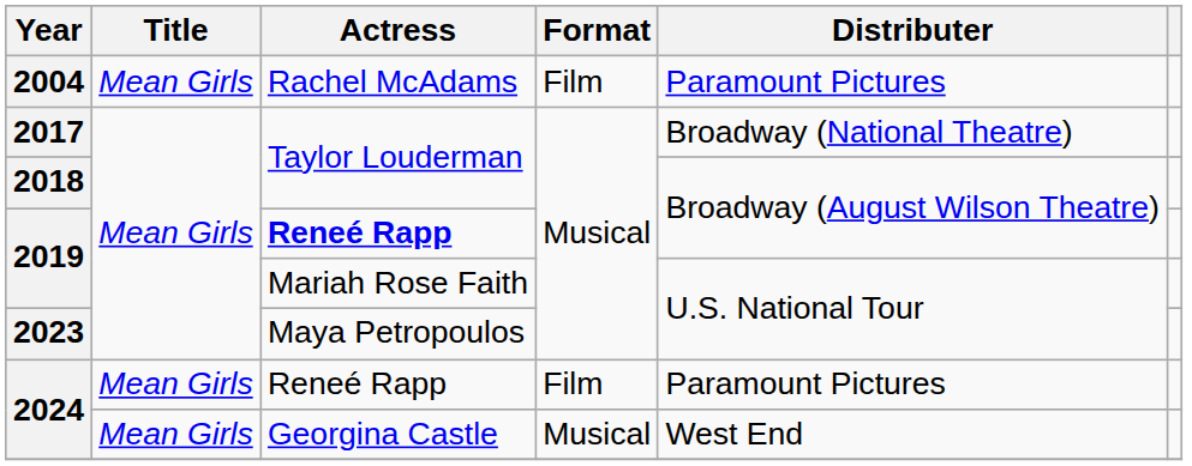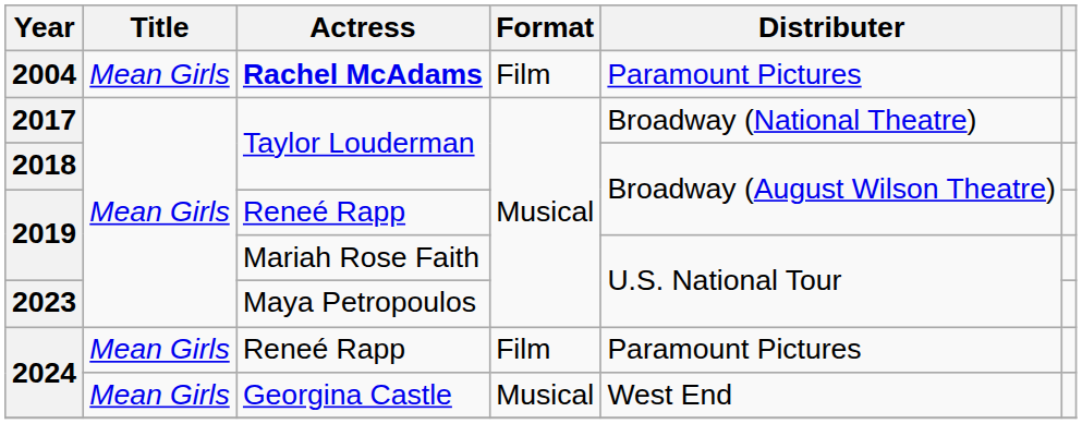 <table class="wikitable plainrowheaders sortable"  style=font-size:100%>
 <tr>
 <th scope=col>Year</th>
 <th scope=col>Title</th>
 <th scope=col>Actress</th>
 <th scope=col>Format</th>
 <th scope=col>Distributer</th>
 <th scope="col" class="unsortable"></th>
 </tr>
 <tr>
 <th scope="row">2004</th>
 <td><em><a href='#'>Mean Girls</a></em></td>
-<td><a href='#'>Rachel McAdams</a></td>
+<td><strong><a href='#'>Rachel McAdams</a></strong></td>
 <td>Film</td>
 <td><a href='#'>Paramount Pictures</a></td>
 <td style="text-align:center;"></td>
 </tr>
 <tr>
 <th scope="row">2017</th>
 <td rowspan="5"><em><a href='#'>Mean Girls</a></em></td>
 <td rowspan="2"><a href='#'>Taylor Louderman</a></td>
 <td rowspan="5">Musical</td>
 <td>Broadway (<a href='#'>National Theatre</a>)</td>
 <td style="text-align:center;"></td>
 </tr>
 <tr>
 <th scope="row">2018</th>
 <td rowspan="2">Broadway (<a href='#'>August Wilson Theatre</a>)</td>
 <td style="text-align:center;"></td>
 </tr>
 <tr>
 <th scope="row" rowspan="2">2019</th>
-<td><strong><a href='#'>Reneé Rapp</a></strong></td>
+<td><a href='#'>Reneé Rapp</a></td>
 <td style="text-align:center;"></td>
 </tr>
 <tr>
 <td>Mariah Rose Faith</td>
 <td rowspan="2">U.S. National Tour</td>
 <td style="text-align:center;"></td>
 </tr>
 <tr>
 <th scope="row">2023</th>
 <td>Maya Petropoulos</td>
 <td style="text-align:center;"></td>
 </tr>
 <tr>
 <th scope="row" rowspan="2">2024</th>
 <td><em><a href='#'>Mean Girls</a></em></td>
 <td>Reneé Rapp</td>
 <td>Film</td>
 <td>Paramount Pictures</td>
 <td style="text-align:center;"></td>
 </tr>
 <tr>
 <td><em><a href='#'>Mean Girls</a></em></td>
 <td><a href='#'>Georgina Castle</a></td>
 <td>Musical</td>
 <td>West End</td>
 <td style="text-align:center;"></td>
 </tr>
 <tr>
 </tr>
 </table>
